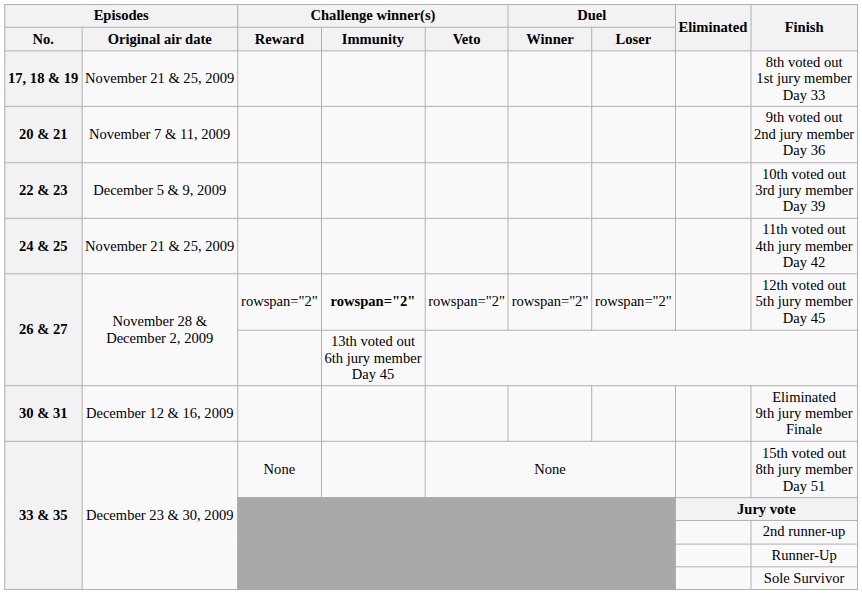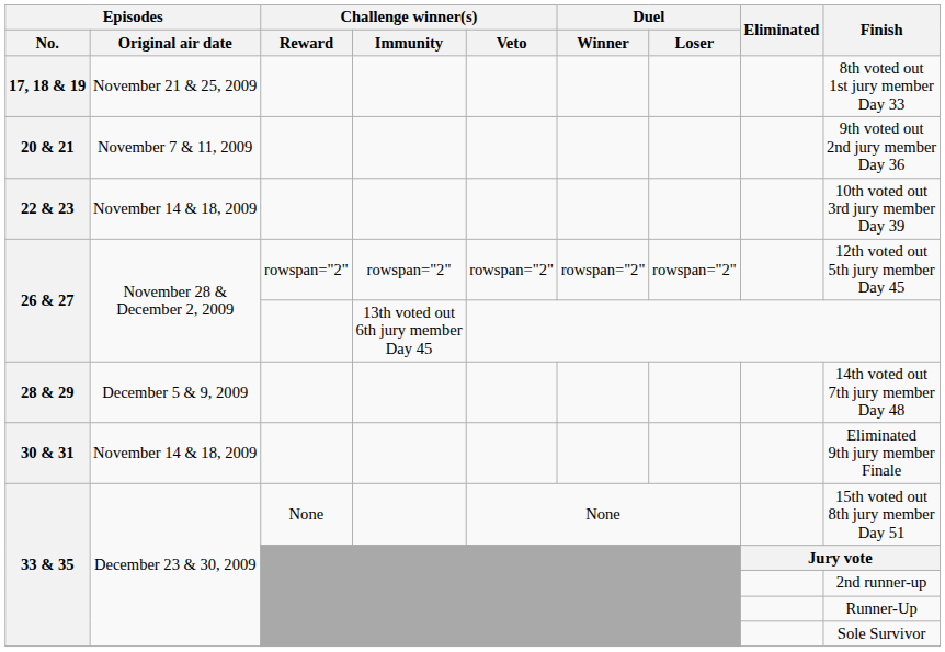 <table class="wikitable nowrap" style="margin:auto; text-align:center">
 <tr>
 <th colspan="2">Episodes</th>
 <th colspan=3>Challenge winner(s)</th>
 <th colspan="2">Duel</th>
 <th rowspan=2>Eliminated</th>
 <th rowspan=2>Finish</th>
 </tr>
 <tr>
 <th>No.</th>
 <th>Original air date</th>
 <th>Reward</th>
 <th>Immunity</th>
 <th>Veto</th>
 <th>Winner</th>
 <th>Loser</th>
 </tr>
 <tr>
 <th>17, 18 & 19</th>
 <td>November 21 & 25, 2009</td>
 <td></td>
 <td></td>
 <td></td>
 <td></td>
 <td></td>
 <td></td>
 <td>8th voted out<br>1st jury member<br>Day 33</td>
 </tr>
 <tr>
 <th>20 & 21</th>
 <td>November 7 & 11, 2009</td>
 <td></td>
 <td></td>
 <td></td>
 <td></td>
 <td></td>
 <td></td>
 <td>9th voted out<br>2nd jury member<br>Day 36</td>
 </tr>
 <tr>
 <th>22 & 23</th>
-<td>December 5 & 9, 2009</td>
+<td>November 14 & 18, 2009</td>
 <td></td>
 <td></td>
 <td></td>
 <td></td>
 <td></td>
 <td></td>
 <td>10th voted out<br>3rd jury member<br>Day 39</td>
 </tr>
 <tr>
-<th>24 & 25</th>
-<td>November 21 & 25, 2009</td>
-<td></td>
-<td></td>
-<td></td>
-<td></td>
-<td></td>
-<td></td>
-<td>11th voted out<br>4th jury member<br>Day 42</td>
-</tr>
-<tr>
 <th rowspan="2">26 & 27</th>
 <td rowspan="2">November 28 &<br>December 2, 2009</td>
 <td>rowspan="2" </td>
-<td><strong>rowspan="2" </strong></td>
+<td>rowspan="2" </td>
 <td>rowspan="2" </td>
 <td>rowspan="2" </td>
 <td>rowspan="2" </td>
 <td></td>
 <td>12th voted out<br>5th jury member<br>Day 45</td>
 </tr>
 <tr>
 <td></td>
 <td>13th voted out<br>6th jury member<br>Day 45</td>
 </tr>
 <tr>
+<th>28 & 29</th>
+<td>December 5 & 9, 2009</td>
+<td></td>
+<td></td>
+<td></td>
+<td></td>
+<td></td>
+<td></td>
+<td>14th voted out<br>7th jury member<br>Day 48</td>
+</tr>
+<tr>
 <th>30 & 31</th>
-<td>December 12 & 16, 2009</td>
+<td>November 14 & 18, 2009</td>
 <td></td>
 <td></td>
 <td></td>
 <td></td>
 <td></td>
 <td></td>
 <td>Eliminated<br>9th jury member<br>Finale</td>
 </tr>
 <tr>
 <th rowspan="5">33 & 35</th>
 <td rowspan="5">December 23 & 30, 2009</td>
 <td>None</td>
 <td></td>
 <td colspan="3">None</td>
 <td></td>
 <td>15th voted out<br>8th jury member<br>Day 51</td>
 </tr>
 <tr>
 <td colspan=5 rowspan=4 bgcolor="darkgrey"></td>
 <th colspan="2">Jury vote</th>
 </tr>
 <tr>
 <td></td>
 <td>2nd runner-up</td>
 </tr>
 <tr>
 <td></td>
 <td>Runner-Up</td>
 </tr>
 <tr>
 <td></td>
 <td>Sole Survivor</td>
 </tr>
 </table>
